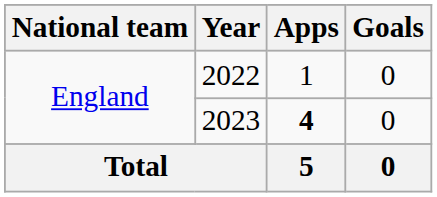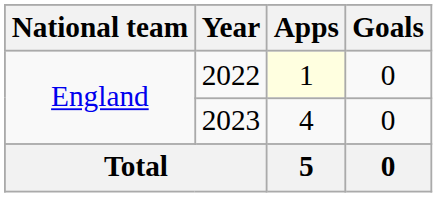 <table class="wikitable" style="text-align:center">
 <tr>
 <th>National team</th>
 <th>Year</th>
 <th>Apps</th>
 <th>Goals</th>
 </tr>
 <tr>
 <td rowspan="2"><a href='#'>England</a></td>
 <td>2022</td>
-<td>1</td>
+<td style="background: lightyellow;">1</td>
 <td>0</td>
 </tr>
 <tr>
 <td>2023</td>
-<td><strong>4</strong></td>
+<td>4</td>
 <td>0</td>
 </tr>
 <tr>
 <th colspan="2">Total</th>
 <th>5</th>
 <th>0</th>
 </tr>
 </table>
